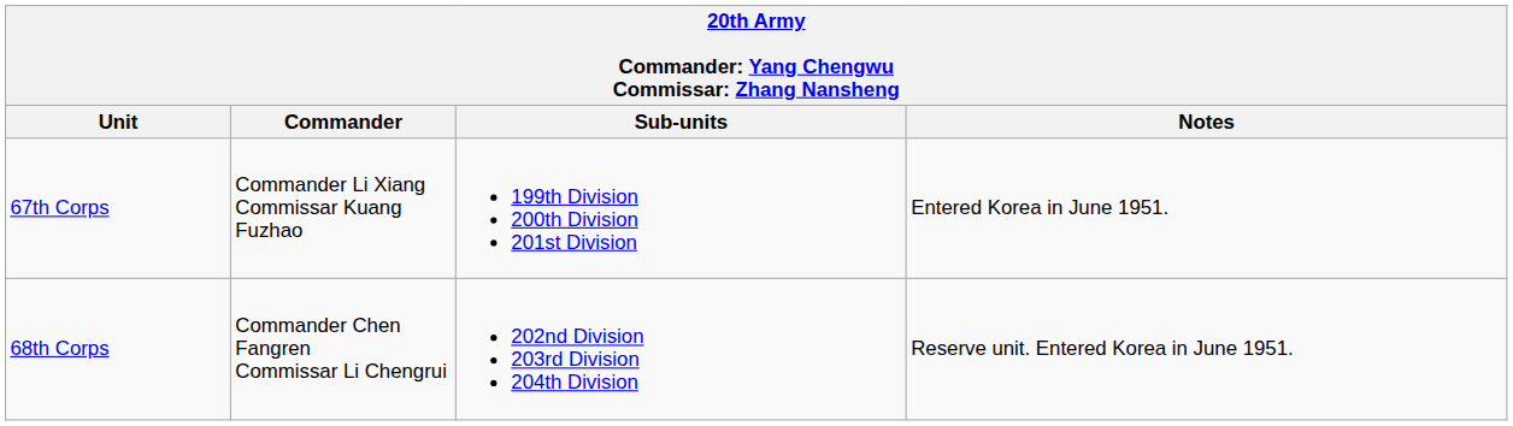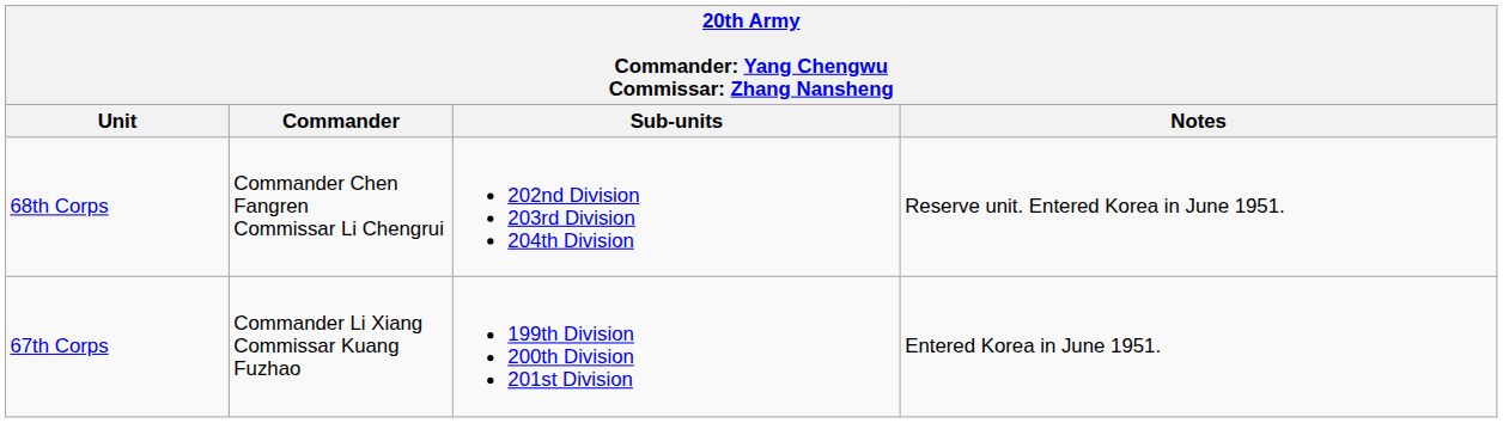 <table class="wikitable" style="width: 75%">
 <tr>
 <th colspan="4" align= center> <a href='#'>20th Army</a><br><br>Commander: <a href='#'>Yang Chengwu</a><br> Commissar: <a href='#'>Zhang Nansheng</a></th>
 </tr>
 <tr>
 <th width=15%; align= center>Unit</th>
 <th width=15%; align= center>Commander</th>
 <th width=30%; align= center>Sub-units</th>
 <th width=40%; align= center>Notes</th>
 </tr>
 <tr>
+<td><a href='#'>68th Corps</a></td>
+<td>Commander Chen Fangren<br>Commissar Li Chengrui</td>
+<td><br><ul><li><a href='#'>202nd Division</a></li><li><a href='#'>203rd Division</a></li><li><a href='#'>204th Division</a></li></ul></td>
+<td>Reserve unit. Entered Korea in June 1951.</td>
+</tr>
+<tr>
 <td><a href='#'>67th Corps</a></td>
 <td>Commander Li Xiang<br>Commissar Kuang Fuzhao</td>
 <td><br><ul><li><a href='#'>199th Division</a></li><li><a href='#'>200th Division</a></li><li><a href='#'>201st Division</a></li></ul></td>
 <td>Entered Korea in June 1951.</td>
 </tr>
-<tr>
-<td><a href='#'>68th Corps</a></td>
-<td>Commander Chen Fangren<br>Commissar Li Chengrui</td>
-<td><br><ul><li><a href='#'>202nd Division</a></li><li><a href='#'>203rd Division</a></li><li><a href='#'>204th Division</a></li></ul></td>
-<td>Reserve unit. Entered Korea in June 1951.</td>
-</tr>
 </table>
